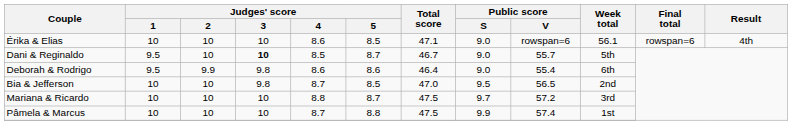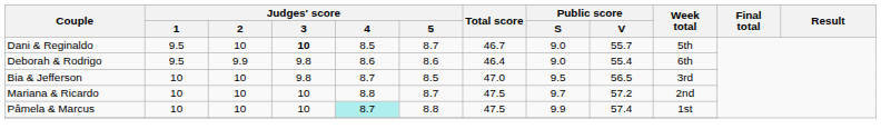 <table class="wikitable" style="font-size:100%; line-height:16px; text-align:center" width="100%">
 <tr>
 <th rowspan=2 width="11.0%">Couple</th>
 <th colspan=5 width="25.0%">Judges' score</th>
 <th rowspan=2 width="05.0%">Total score</th>
 <th colspan=2 width="10.0%">Public score</th>
 <th rowspan=2 width="05.0%">Week<br>total</th>
 <th rowspan=2 width="05.0%">Final<br>total</th>
 <th rowspan=2 width="07.5%">Result</th>
 </tr>
 <tr>
 <th width="05.0%">1</th>
 <th width="05.0%">2</th>
 <th width="05.0%">3</th>
 <th width="05.0%">4</th>
 <th width="05.0%">5</th>
 <th width="05.0%">S</th>
 <th width="05.0%">V</th>
-</tr>
-<tr>
-<td align="left">Érika & Elias</td>
-<td>10</td>
-<td>10</td>
-<td>10</td>
-<td>8.6</td>
-<td>8.5</td>
-<td>47.1</td>
-<td>9.0</td>
-<td>rowspan=6 </td>
-<td>56.1</td>
-<td>rowspan=6 </td>
-<td>4th</td>
 </tr>
 <tr>
 <td align="left">Dani & Reginaldo</td>
 <td>9.5</td>
 <td>10</td>
 <td><strong>10</strong></td>
 <td>8.5</td>
 <td>8.7</td>
 <td>46.7</td>
 <td>9.0</td>
 <td>55.7</td>
 <td>5th</td>
 </tr>
 <tr>
 <td align="left">Deborah & Rodrigo</td>
 <td>9.5</td>
 <td>9.9</td>
 <td>9.8</td>
 <td>8.6</td>
 <td>8.6</td>
 <td>46.4</td>
 <td>9.0</td>
 <td>55.4</td>
 <td>6th</td>
 </tr>
 <tr>
 <td align="left">Bia & Jefferson</td>
 <td>10</td>
 <td>10</td>
 <td>9.8</td>
 <td>8.7</td>
 <td>8.5</td>
 <td>47.0</td>
 <td>9.5</td>
 <td>56.5</td>
-<td>2nd</td>
+<td>3rd</td>
 </tr>
 <tr>
 <td align="left">Mariana & Ricardo</td>
 <td>10</td>
 <td>10</td>
 <td>10</td>
 <td>8.8</td>
 <td>8.7</td>
 <td>47.5</td>
 <td>9.7</td>
 <td>57.2</td>
-<td>3rd</td>
+<td>2nd</td>
 </tr>
 <tr>
 <td align="left">Pâmela & Marcus</td>
 <td>10</td>
 <td>10</td>
 <td>10</td>
-<td>8.7</td>
+<td style="background: paleturquoise;">8.7</td>
 <td>8.8</td>
 <td>47.5</td>
 <td>9.9</td>
 <td>57.4</td>
 <td>1st</td>
 </tr>
 <tr>
 </tr>
 </table>
